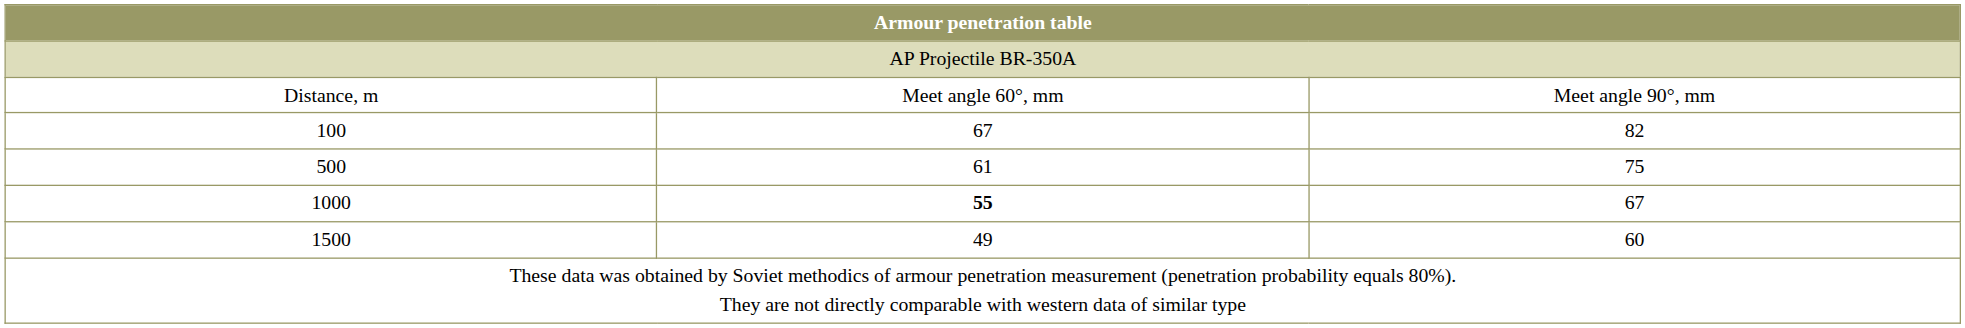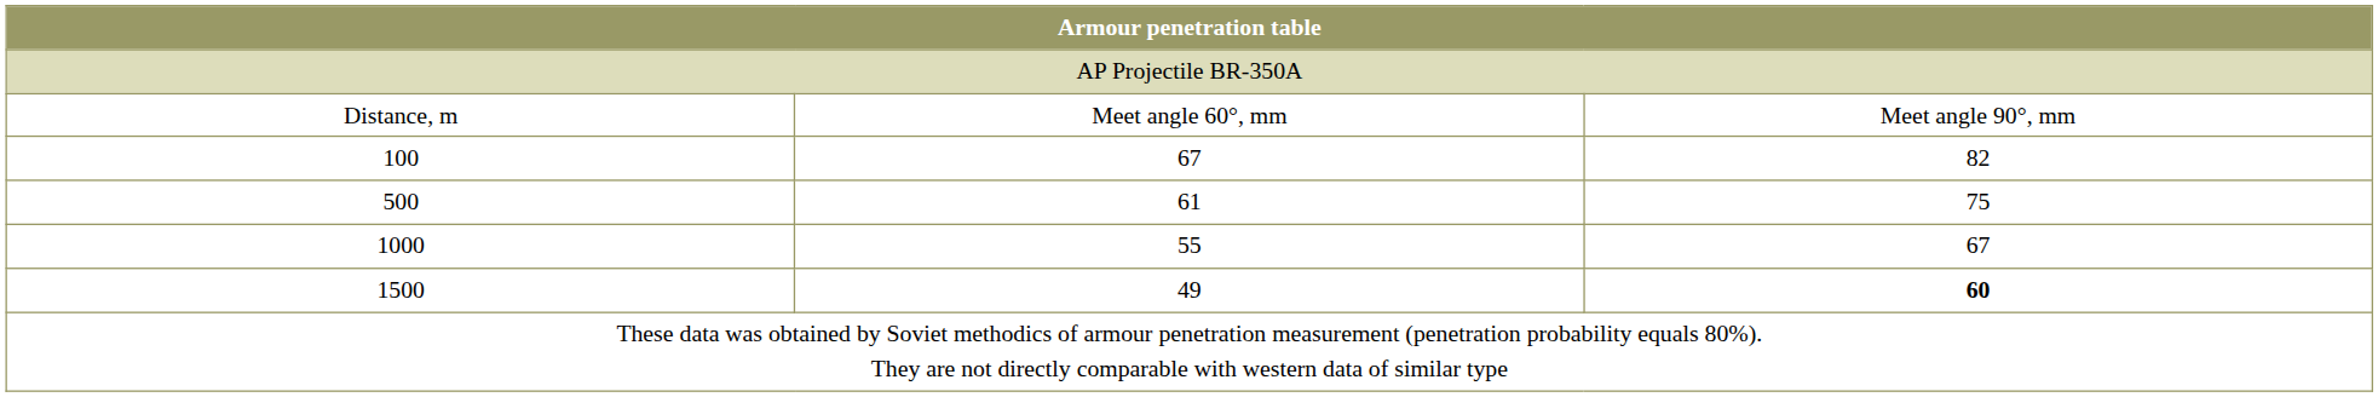 <table border=0 cellspacing=0 cellpadding=2 style="margin:0 0 .5em 1em; width:95%; background:#fff; border-collapse:collapse; border:1px solid #996; line-height:1.5; font-size:95%;">
 <tr style="vertical-align:top; text-align:center; border:1px solid #996; background-color:#996; color:#fff">
 <td colspan="3"><strong>Armour penetration table</strong></td>
 </tr>
 <tr style="vertical-align:top; text-align:center; border:1px solid #996; background-color:#ddb;">
 <td colspan="3">AP Projectile BR-350A</td>
 </tr>
 <tr style="vertical-align:top; text-align:center; border:1px solid #996;">
 <td width="33%"  style="border:1px solid #996">Distance, m</td>
 <td width="33%"  style="border:1px solid #996">Meet angle 60°, mm</td>
 <td width="33%"  style="border:1px solid #996">Meet angle 90°, mm</td>
 </tr>
 <tr style="vertical-align:top; text-align:center;">
 <td style="border:1px solid #996">100</td>
 <td style="border:1px solid #996">67</td>
 <td style="border:1px solid #996">82</td>
 </tr>
 <tr style="vertical-align:top; text-align:center;">
 <td style="border:1px solid #996">500</td>
 <td style="border:1px solid #996">61</td>
 <td style="border:1px solid #996">75</td>
 </tr>
 <tr style="vertical-align:top; text-align:center;">
 <td style="border:1px solid #996">1000</td>
-<td style="border:1px solid #996"><strong>55</strong></td>
+<td style="border:1px solid #996">55</td>
 <td style="border:1px solid #996">67</td>
 </tr>
 <tr style="vertical-align:top; text-align:center;">
 <td style="border:1px solid #996">1500</td>
 <td style="border:1px solid #996">49</td>
-<td style="border:1px solid #996">60</td>
+<td style="border:1px solid #996"><strong>60</strong></td>
 </tr>
 <tr style="vertical-align:top; text-align:center;">
 <td colspan="3">These data was obtained by Soviet methodics of armour penetration measurement (penetration probability equals 80%). <br> They are not directly comparable with western data of similar type</td>
 </tr>
 </table>
